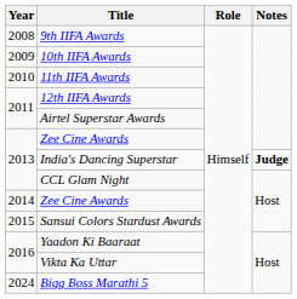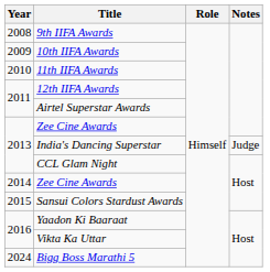 <table class="wikitable sortable">
 <tr>
 <th>Year</th>
 <th>Title</th>
 <th>Role</th>
 <th class="unsortable">Notes</th>
 </tr>
 <tr>
 <td>2008</td>
 <td><em><a href='#'>9th IIFA Awards</a></em></td>
 <td rowspan=15>Himself</td>
 <td rowspan=6></td>
 </tr>
 <tr>
 <td>2009</td>
 <td><em><a href='#'>10th IIFA Awards</a></em></td>
 </tr>
 <tr>
 <td>2010</td>
 <td><em><a href='#'>11th IIFA Awards</a></em></td>
 </tr>
 <tr>
 <td rowspan="2">2011</td>
 <td><em><a href='#'>12th IIFA Awards</a></em></td>
 </tr>
 <tr>
 <td><em>Airtel Superstar Awards</em></td>
 </tr>
 <tr>
 <td rowspan="3">2013</td>
 <td><em><a href='#'>Zee Cine Awards</a></em></td>
 </tr>
 <tr>
 <td><em>India's Dancing Superstar</em></td>
-<td><strong>Judge</strong></td>
+<td>Judge</td>
 </tr>
 <tr>
 <td><em>CCL Glam Night</em></td>
 <td rowspan=3>Host</td>
 </tr>
 <tr>
 <td>2014</td>
 <td><em><a href='#'>Zee Cine Awards</a></em></td>
 </tr>
 <tr>
 <td>2015</td>
 <td><em>Sansui Colors Stardust Awards</em></td>
 </tr>
 <tr>
 <td rowspan="2">2016</td>
 <td><em>Yaadon Ki Baaraat</em></td>
 <td rowspan=3>Host</td>
 </tr>
 <tr>
 <td><em>Vikta Ka Uttar</em></td>
 </tr>
 <tr>
 <td>2024</td>
 <td><em><a href='#'>Bigg Boss Marathi 5</a></em></td>
 </tr>
 </table>
